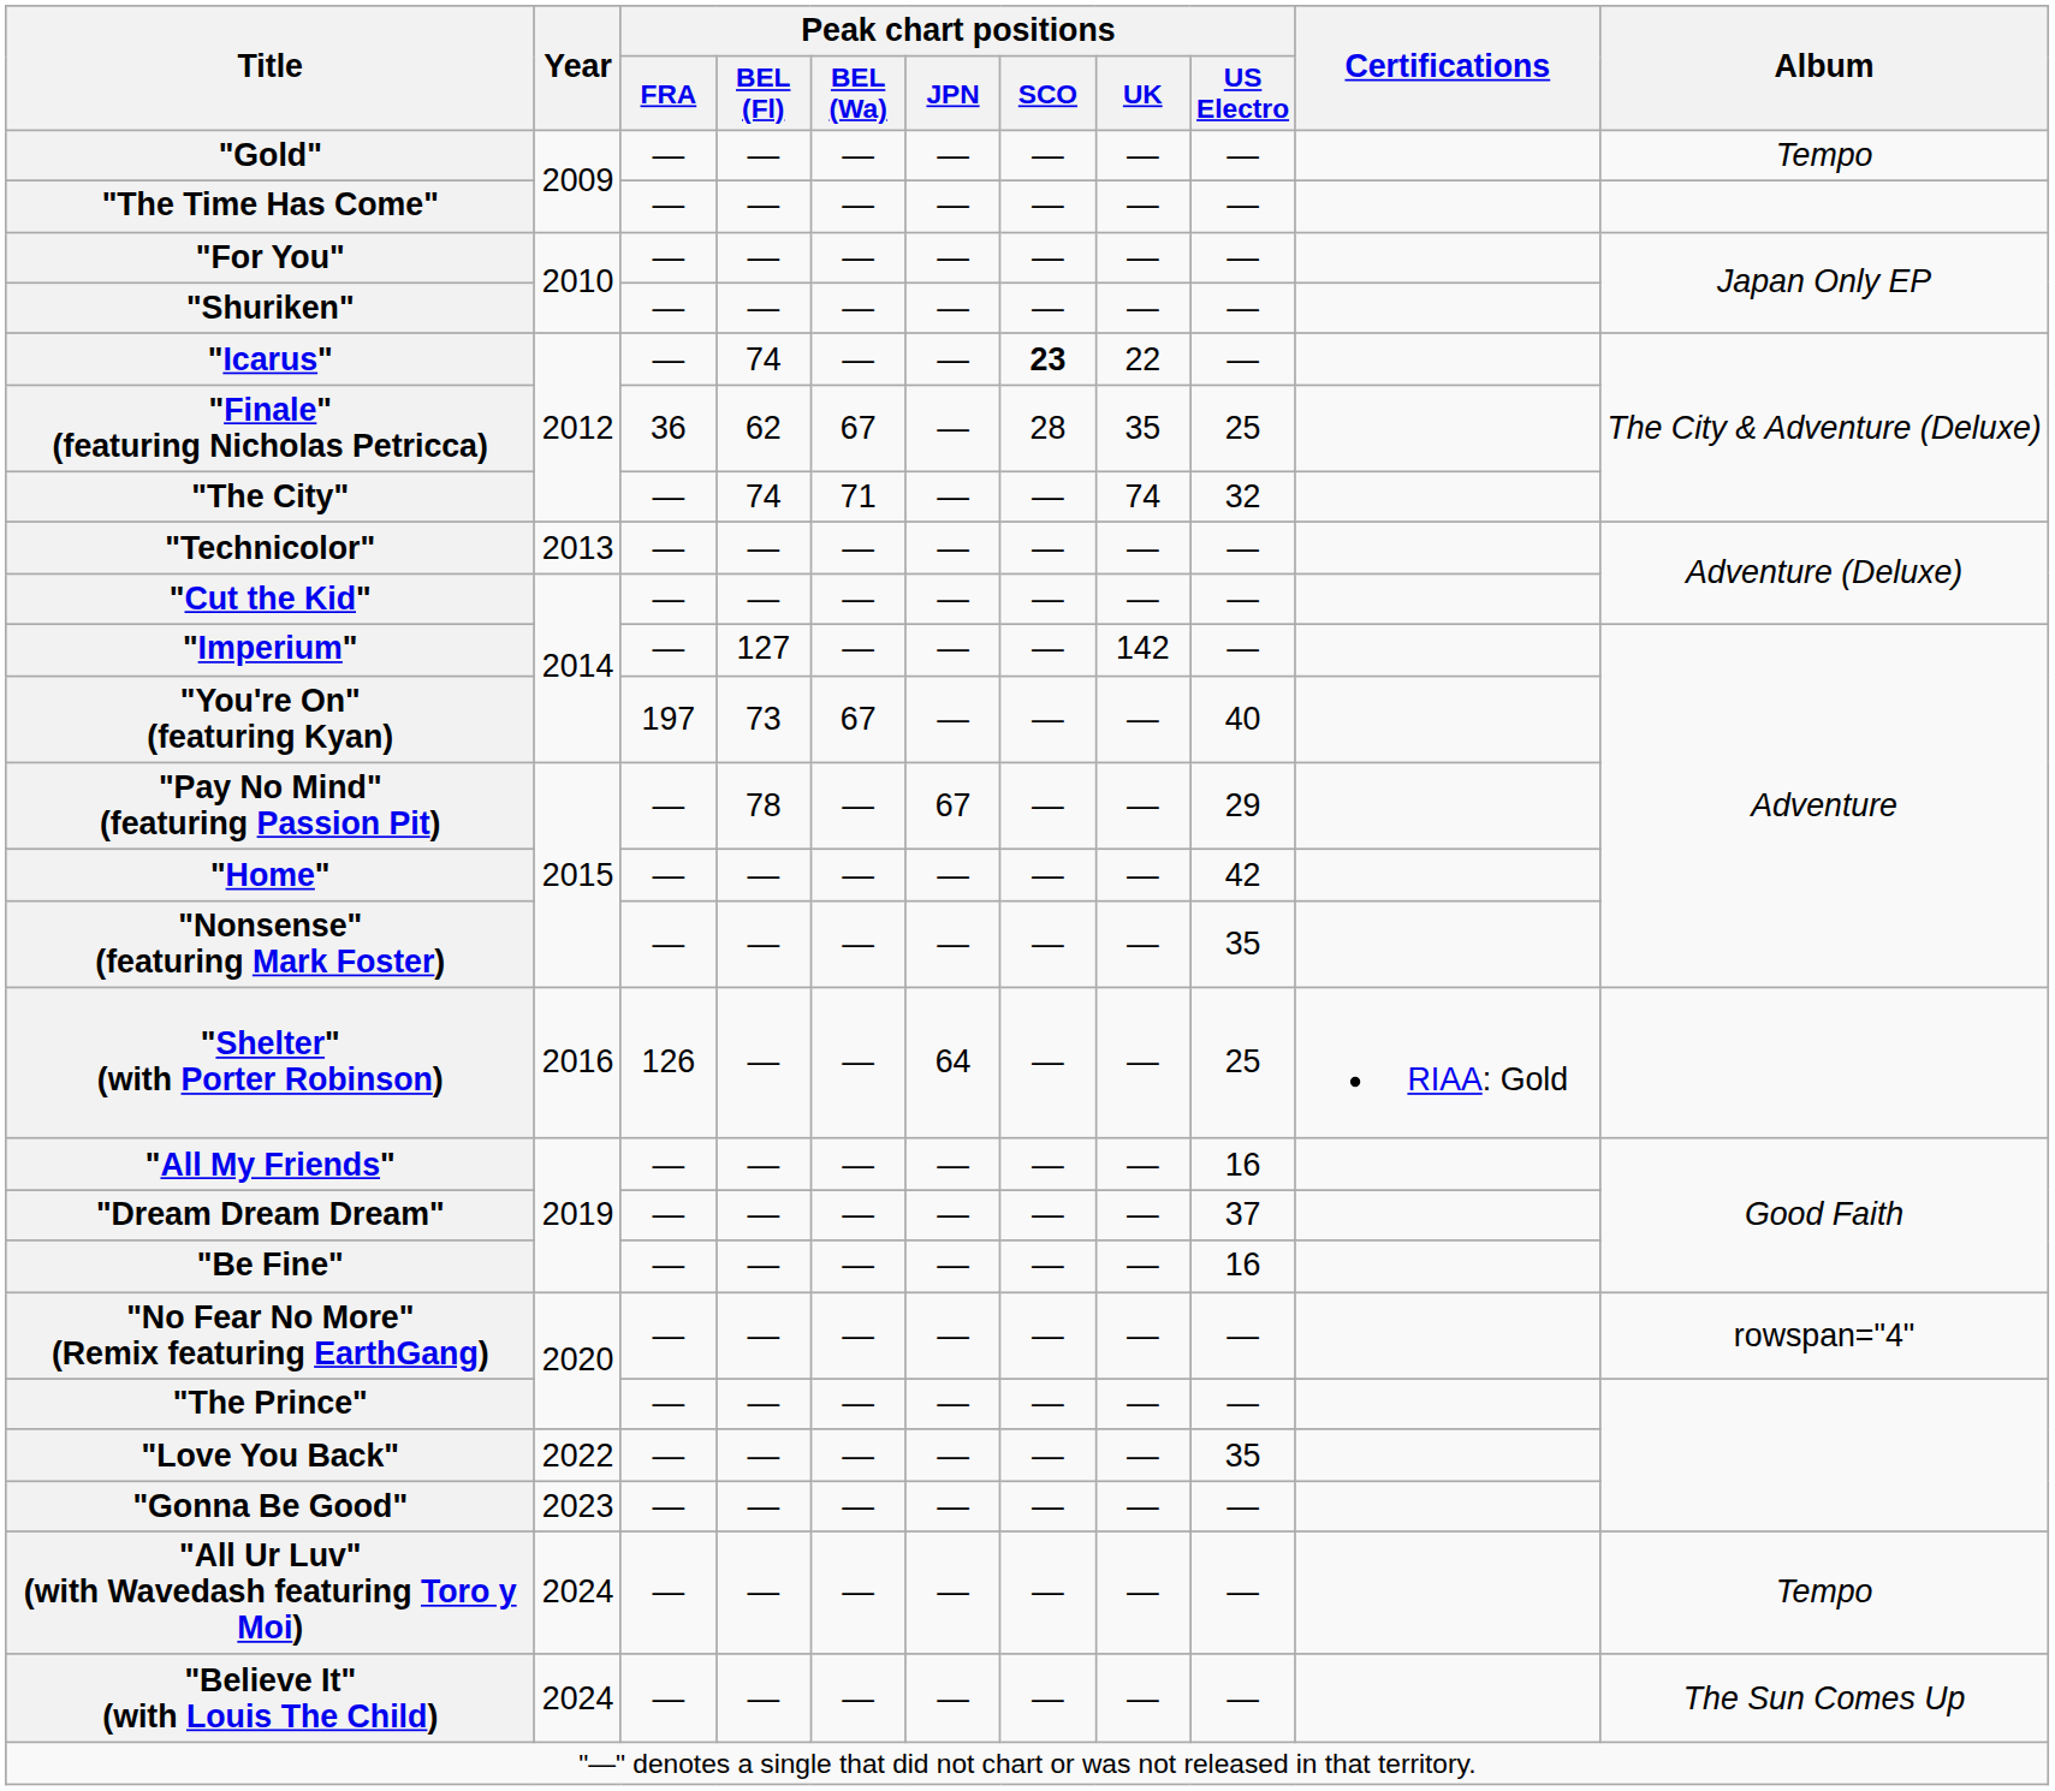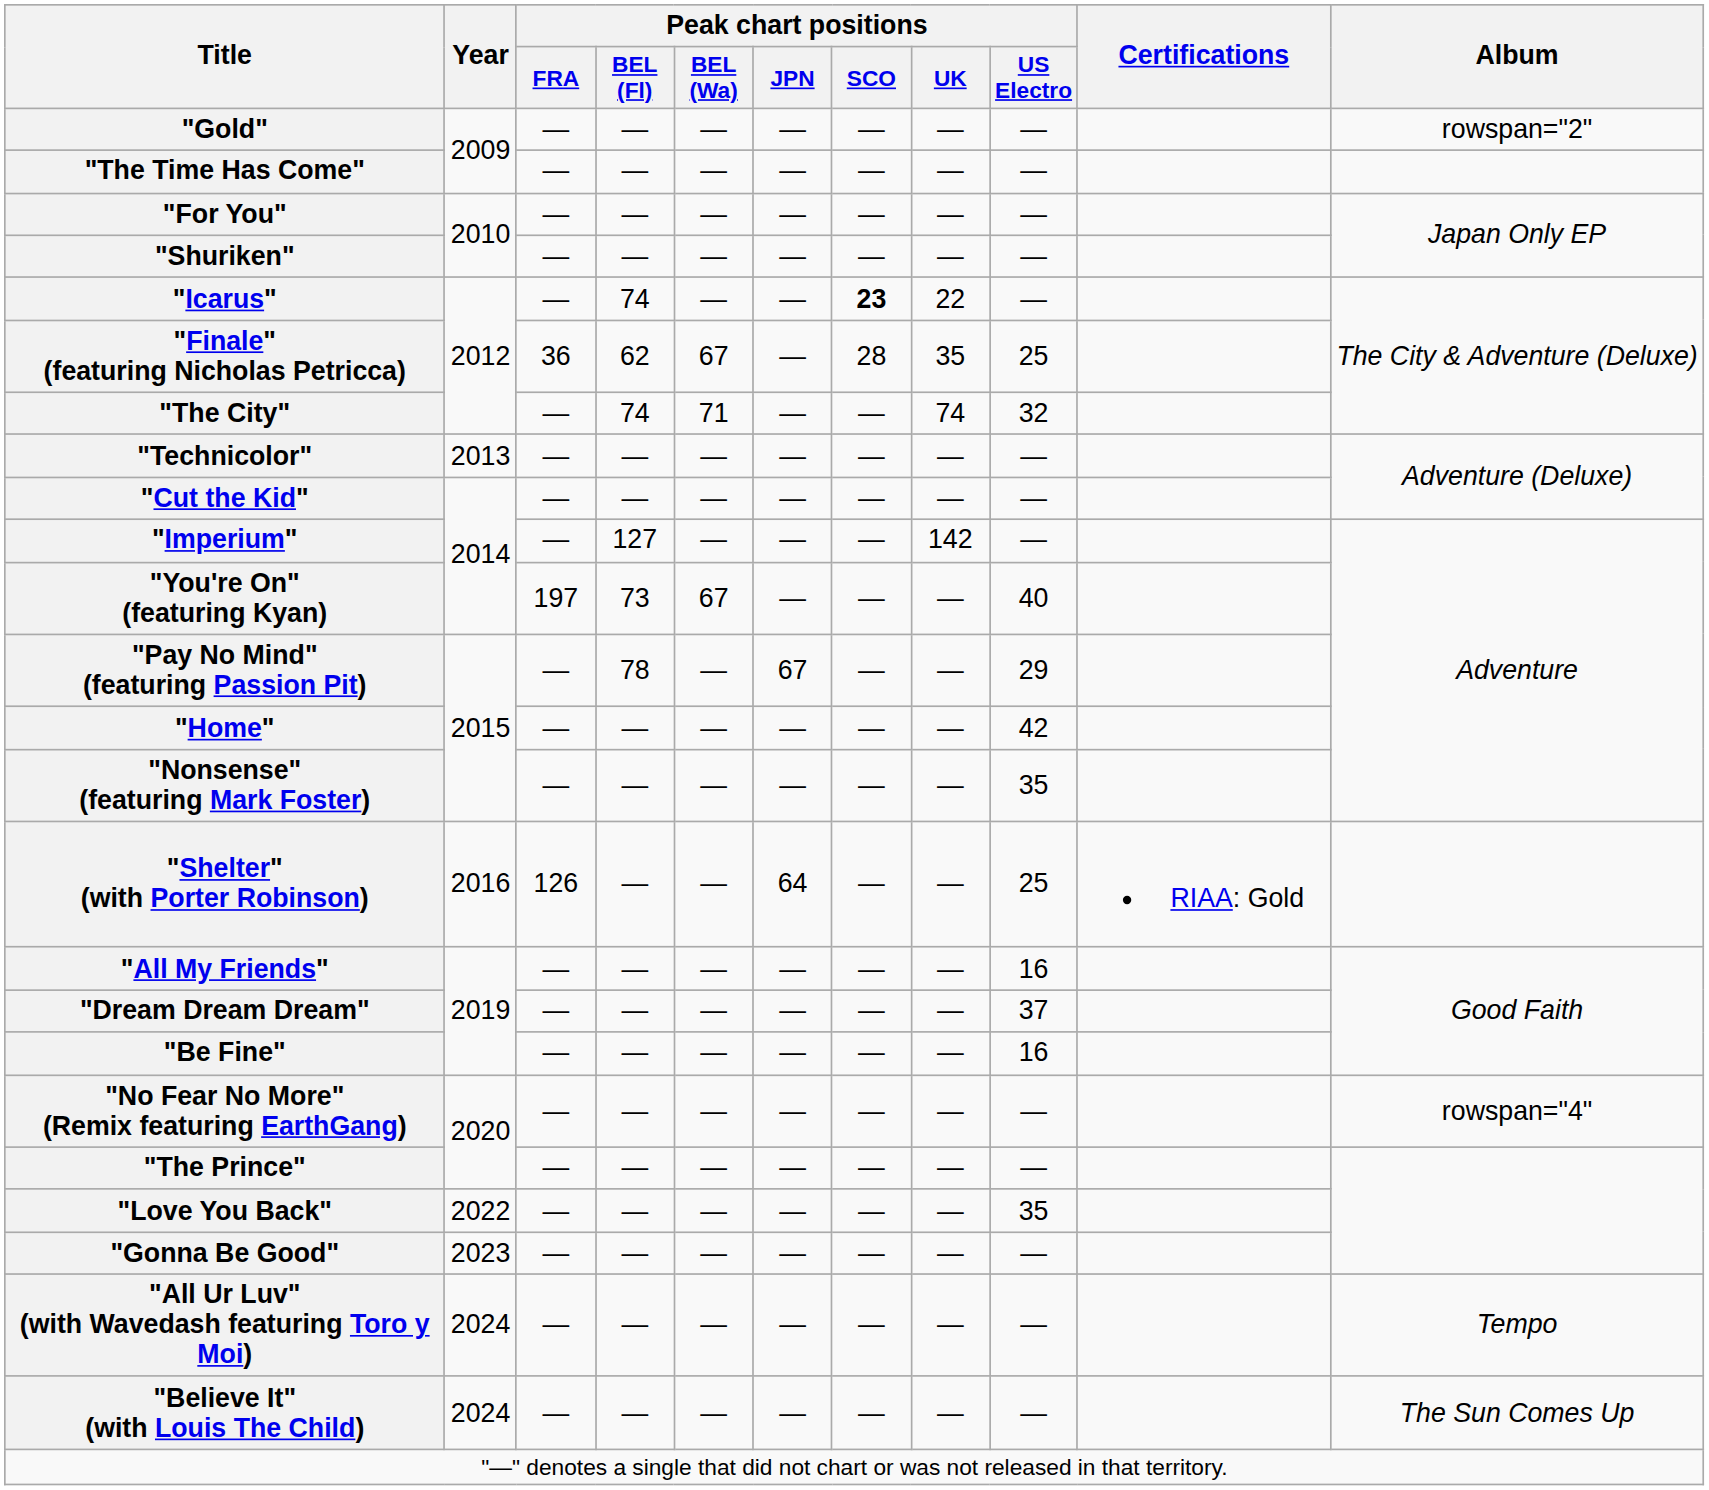 <table class="wikitable plainrowheaders" style="text-align:center;">
 <tr>
 <th scope="col" rowspan="2" style="width:16em">Title</th>
 <th scope="col" rowspan="2">Year</th>
 <th scope="col" colspan="7">Peak chart positions</th>
 <th scope="col" rowspan="2" style="width:9em;"><a href='#'>Certifications</a></th>
 <th scope="col" rowspan="2">Album</th>
 </tr>
 <tr>
 <th scope="col" style="width:3em;font-size:85%;"><a href='#'>FRA</a><br></th>
 <th scope="col" style="width:3em;font-size:85%;"><a href='#'>BEL<br>(Fl)</a><br></th>
 <th scope="col" style="width:3em;font-size:85%;"><a href='#'>BEL<br>(Wa)</a><br></th>
 <th scope="col" style="width:3em;font-size:85%;"><a href='#'>JPN</a><br></th>
 <th scope="col" style="width:3em;font-size:85%;"><a href='#'>SCO</a><br></th>
 <th scope="col" style="width:3em;font-size:85%;"><a href='#'>UK</a><br></th>
 <th scope="col" style="width:3em;font-size:85%;"><a href='#'>US<br>Electro</a><br></th>
 </tr>
 <tr>
 <th scope="row">"Gold"</th>
 <td rowspan="2">2009</td>
 <td>—</td>
 <td>—</td>
 <td>—</td>
 <td>—</td>
 <td>—</td>
 <td>—</td>
 <td>—</td>
 <td></td>
-<td><em>Tempo</em></td>
+<td>rowspan="2" </td>
 </tr>
 <tr>
 <th scope="row">"The Time Has Come"</th>
 <td>—</td>
 <td>—</td>
 <td>—</td>
 <td>—</td>
 <td>—</td>
 <td>—</td>
 <td>—</td>
 <td></td>
 </tr>
 <tr>
 <th scope="row">"For You"</th>
 <td rowspan="2">2010</td>
 <td>—</td>
 <td>—</td>
 <td>—</td>
 <td>—</td>
 <td>—</td>
 <td>—</td>
 <td>—</td>
 <td></td>
 <td rowspan="2"><em>Japan Only EP</em></td>
 </tr>
 <tr>
 <th scope="row">"Shuriken"</th>
 <td>—</td>
 <td>—</td>
 <td>—</td>
 <td>—</td>
 <td>—</td>
 <td>—</td>
 <td>—</td>
 <td></td>
 </tr>
 <tr>
 <th scope="row">"<a href='#'>Icarus</a>"</th>
 <td rowspan="3">2012</td>
 <td>—</td>
 <td>74</td>
 <td>—</td>
 <td>—</td>
 <td><strong>23</strong></td>
 <td>22</td>
 <td>—</td>
 <td></td>
 <td rowspan="3"><em>The City & Adventure (Deluxe)</em></td>
 </tr>
 <tr>
 <th scope="row">"<a href='#'>Finale</a>"<br><span>(featuring Nicholas Petricca)</span></th>
 <td>36</td>
 <td>62</td>
 <td>67</td>
 <td>—</td>
 <td>28</td>
 <td>35</td>
 <td>25</td>
 <td></td>
 </tr>
 <tr>
 <th scope="row">"The City"</th>
 <td>—</td>
 <td>74</td>
 <td>71</td>
 <td>—</td>
 <td>—</td>
 <td>74</td>
 <td>32</td>
 <td></td>
 </tr>
 <tr>
 <th scope="row">"Technicolor"</th>
 <td>2013</td>
 <td>—</td>
 <td>—</td>
 <td>—</td>
 <td>—</td>
 <td>—</td>
 <td>—</td>
 <td>—</td>
 <td></td>
 <td rowspan="2"><em>Adventure (Deluxe)</em></td>
 </tr>
 <tr>
 <th scope="row">"<a href='#'>Cut the Kid</a>"</th>
 <td rowspan="3">2014</td>
 <td>—</td>
 <td>—</td>
 <td>—</td>
 <td>—</td>
 <td>—</td>
 <td>—</td>
 <td>—</td>
 <td></td>
 </tr>
 <tr>
 <th scope="row">"<a href='#'>Imperium</a>"</th>
 <td>—</td>
 <td>127</td>
 <td>—</td>
 <td>—</td>
 <td>—</td>
 <td>142</td>
 <td>—</td>
 <td></td>
 <td rowspan="5"><em>Adventure</em></td>
 </tr>
 <tr>
 <th scope="row">"You're On"<br><span>(featuring Kyan)</span></th>
 <td>197</td>
 <td>73</td>
 <td>67</td>
 <td>—</td>
 <td>—</td>
 <td>—</td>
 <td>40</td>
 <td></td>
 </tr>
 <tr>
 <th scope="row">"Pay No Mind"<br><span>(featuring <a href='#'>Passion Pit</a>)</span></th>
 <td rowspan="3">2015</td>
 <td>—</td>
 <td>78</td>
 <td>—</td>
 <td>67</td>
 <td>—</td>
 <td>—</td>
 <td>29</td>
 <td></td>
 </tr>
 <tr>
 <th scope="row">"<a href='#'>Home</a>"</th>
 <td>—</td>
 <td>—</td>
 <td>—</td>
 <td>—</td>
 <td>—</td>
 <td>—</td>
 <td>42</td>
 <td></td>
 </tr>
 <tr>
 <th scope="row">"Nonsense"<br><span>(featuring <a href='#'>Mark Foster</a>)</span></th>
 <td>—</td>
 <td>—</td>
 <td>—</td>
 <td>—</td>
 <td>—</td>
 <td>—</td>
 <td>35</td>
 <td></td>
 </tr>
 <tr>
 <th scope="row">"<a href='#'>Shelter</a>"<br><span>(with <a href='#'>Porter Robinson</a>)</span></th>
 <td>2016</td>
 <td>126</td>
 <td>—</td>
 <td>—</td>
 <td>64</td>
 <td>—</td>
 <td>—</td>
 <td>25</td>
 <td><br><ul><li><a href='#'>RIAA</a>: Gold</li></ul></td>
 <td></td>
 </tr>
 <tr>
 <th scope="row">"<a href='#'>All My Friends</a>"</th>
 <td rowspan="3">2019</td>
 <td>—</td>
 <td>—</td>
 <td>—</td>
 <td>—</td>
 <td>—</td>
 <td>—</td>
 <td>16</td>
 <td></td>
 <td rowspan="3"><em>Good Faith</em></td>
 </tr>
 <tr>
 <th scope="row">"Dream Dream Dream"</th>
 <td>—</td>
 <td>—</td>
 <td>—</td>
 <td>—</td>
 <td>—</td>
 <td>—</td>
 <td>37</td>
 <td></td>
 </tr>
 <tr>
 <th scope="row">"Be Fine"</th>
 <td>—</td>
 <td>—</td>
 <td>—</td>
 <td>—</td>
 <td>—</td>
 <td>—</td>
 <td>16</td>
 <td></td>
 </tr>
 <tr>
 <th scope="row">"No Fear No More" <br><span>(Remix featuring <a href='#'>EarthGang</a>)</span></th>
 <td rowspan="2">2020</td>
 <td>—</td>
 <td>—</td>
 <td>—</td>
 <td>—</td>
 <td>—</td>
 <td>—</td>
 <td>—</td>
 <td></td>
 <td>rowspan="4" </td>
 </tr>
 <tr>
 <th scope="row">"The Prince" <br></th>
 <td>—</td>
 <td>—</td>
 <td>—</td>
 <td>—</td>
 <td>—</td>
 <td>—</td>
 <td>—</td>
 <td></td>
 </tr>
 <tr>
 <th scope="row">"Love You Back"<br></th>
 <td>2022</td>
 <td>—</td>
 <td>—</td>
 <td>—</td>
 <td>—</td>
 <td>—</td>
 <td>—</td>
 <td>35</td>
 <td></td>
 </tr>
 <tr>
 <th scope="row">"Gonna Be Good"</th>
 <td>2023</td>
 <td>—</td>
 <td>—</td>
 <td>—</td>
 <td>—</td>
 <td>—</td>
 <td>—</td>
 <td>—</td>
 <td></td>
 </tr>
 <tr>
 <th scope="row">"All Ur Luv"<br><span>(with Wavedash featuring <a href='#'>Toro y Moi</a>)</span></th>
 <td>2024</td>
 <td>—</td>
 <td>—</td>
 <td>—</td>
 <td>—</td>
 <td>—</td>
 <td>—</td>
 <td>—</td>
 <td></td>
 <td><em>Tempo</em></td>
 </tr>
 <tr>
 <th scope="row">"Believe It"<br><span>(with <a href='#'>Louis The Child</a>)</span></th>
 <td>2024</td>
 <td>—</td>
 <td>—</td>
 <td>—</td>
 <td>—</td>
 <td>—</td>
 <td>—</td>
 <td>—</td>
 <td></td>
 <td><em>The Sun Comes Up</em></td>
 </tr>
 <tr>
 <td colspan="21" style="font-size:85%;">"—" denotes a single that did not chart or was not released in that territory.</td>
 </tr>
 </table>
